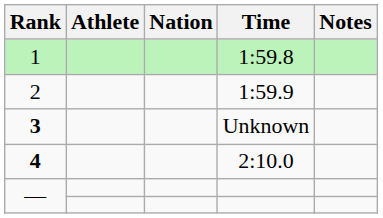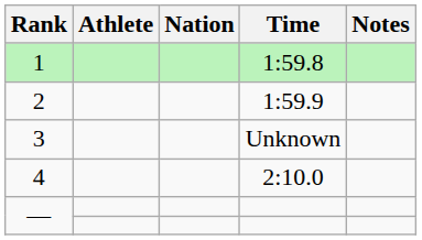 <table class="wikitable sortable" style="text-align:center">
 <tr>
 <th>Rank</th>
 <th>Athlete</th>
 <th>Nation</th>
 <th>Time</th>
 <th>Notes</th>
 </tr>
 <tr bgcolor=bbf3bb>
 <td>1</td>
 <td align=left></td>
 <td align=left></td>
 <td>1:59.8</td>
 <td></td>
 </tr>
 <tr>
 <td>2</td>
 <td align=left></td>
 <td align=left></td>
 <td>1:59.9</td>
 <td></td>
 </tr>
 <tr>
-<td><strong>3</strong></td>
+<td>3</td>
 <td align=left></td>
 <td align=left></td>
 <td data-sort-value=2:00.0>Unknown</td>
 <td></td>
 </tr>
 <tr>
-<td><strong>4</strong></td>
+<td>4</td>
 <td align=left></td>
 <td align=left></td>
 <td>2:10.0</td>
 <td></td>
 </tr>
 <tr>
 <td rowspan=2 data-sort-value=5>—</td>
 <td align=left></td>
 <td align=left></td>
 <td></td>
 <td></td>
 </tr>
 <tr>
 <td align=left></td>
 <td align=left></td>
 <td></td>
 <td></td>
 </tr>
 </table>
